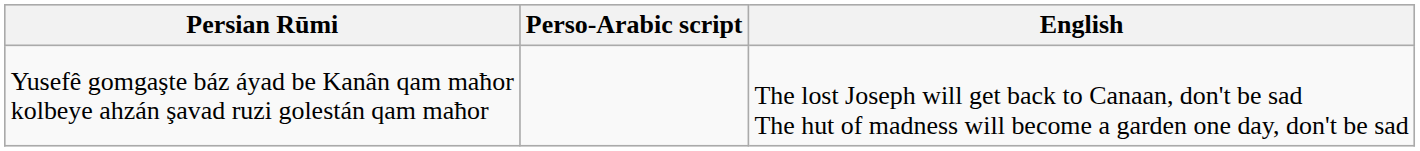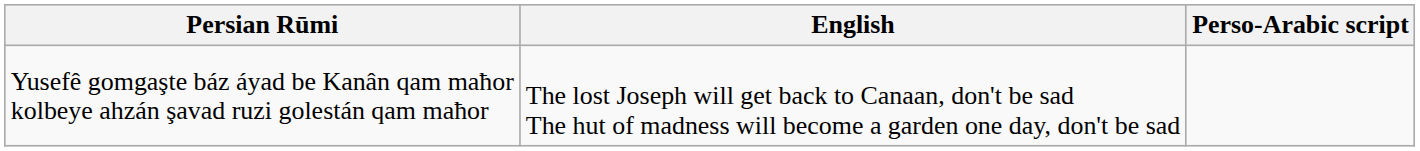 <table class="wikitable">
 <tr>
 <th>Persian Rūmi</th>
+<th>English</th>
 <th>Perso-Arabic script</th>
-<th>English</th>
 </tr>
 <tr>
 <td>Yusefê gomgaşte báz áyad be Kanân qam maħor<br>kolbeye ahzán şavad ruzi golestán qam maħor</td>
+<td><br>The lost Joseph will get back to Canaan, don't be sad<br>The hut of madness will become a garden one day, don't be sad</td>
 <td><br></td>
-<td><br>The lost Joseph will get back to Canaan, don't be sad<br>The hut of madness will become a garden one day, don't be sad</td>
 </tr>
 </table>
